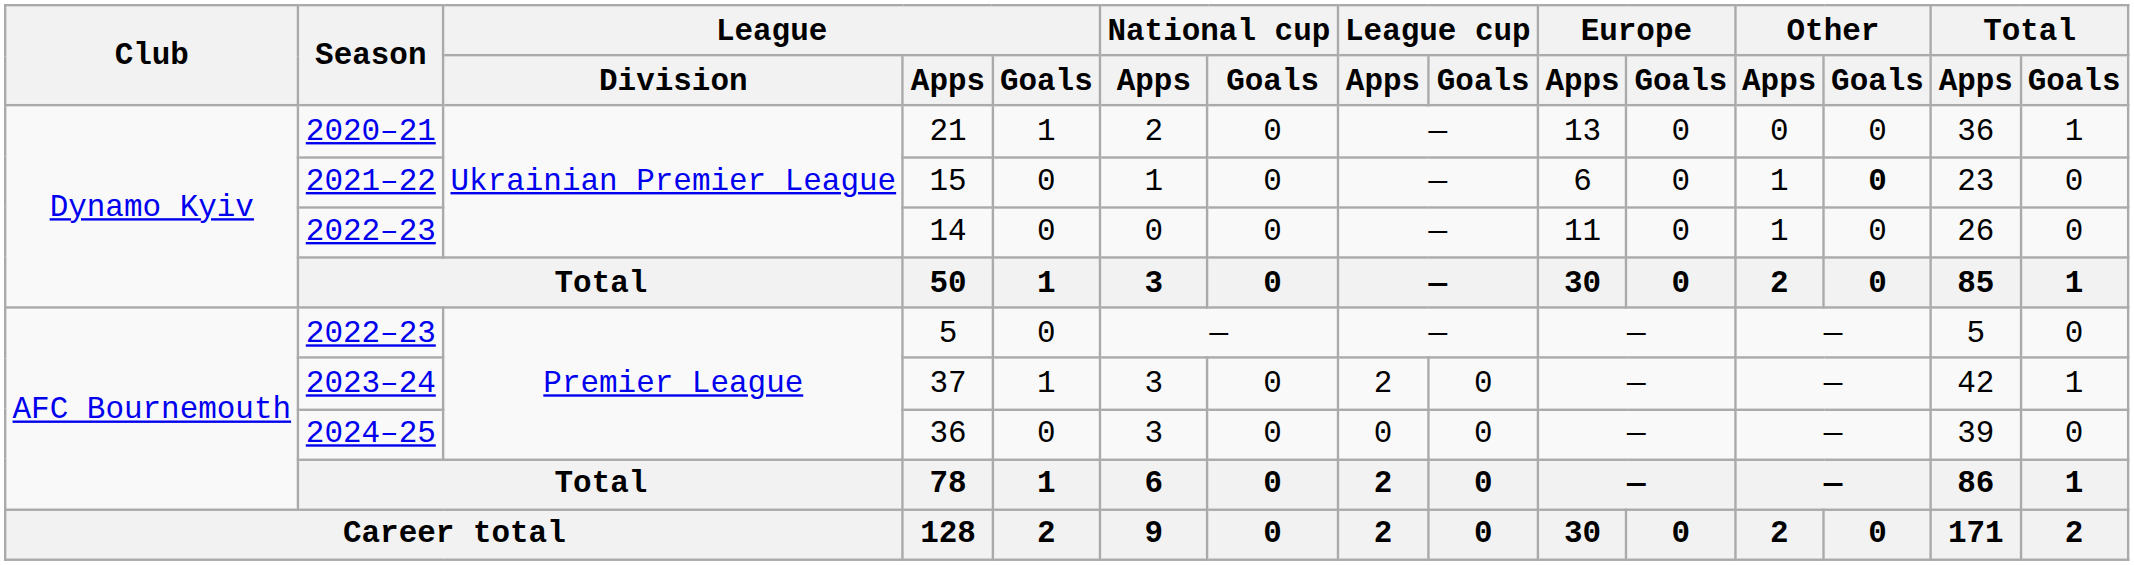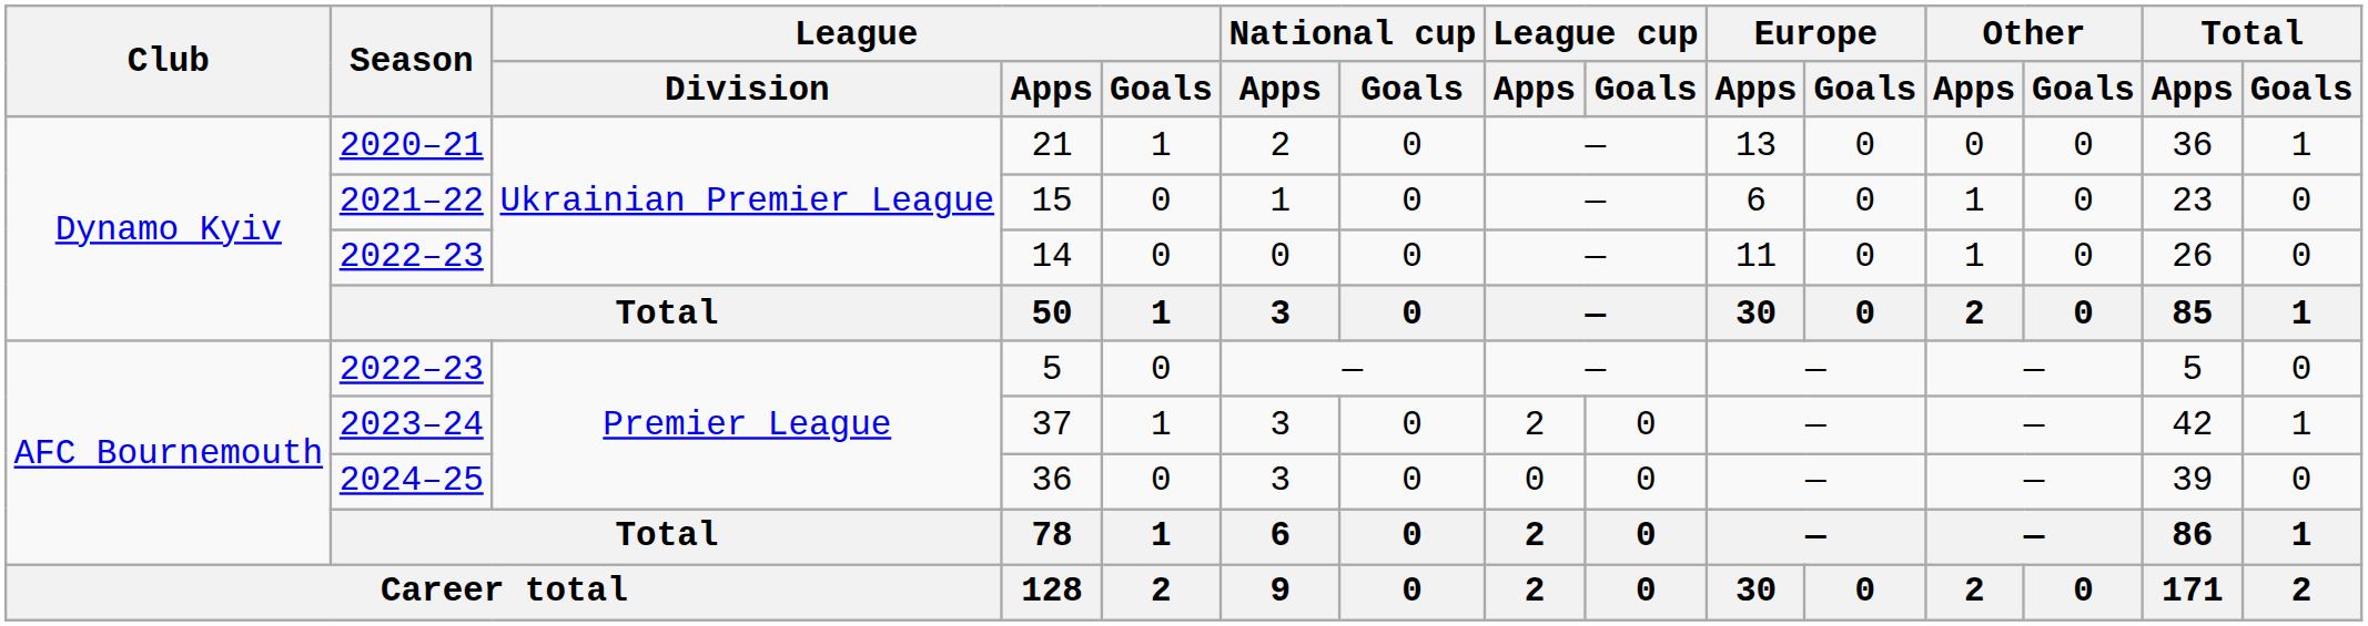 <table class="wikitable" style="text-align:center">
 <tr>
 <th rowspan="2">Club</th>
 <th rowspan="2">Season</th>
 <th colspan="3">League</th>
 <th colspan="2">National cup</th>
 <th colspan="2">League cup</th>
 <th colspan="2">Europe</th>
 <th colspan="2">Other</th>
 <th colspan="2">Total</th>
 </tr>
 <tr>
 <th>Division</th>
 <th>Apps</th>
 <th>Goals</th>
 <th>Apps</th>
 <th>Goals</th>
 <th>Apps</th>
 <th>Goals</th>
 <th>Apps</th>
 <th>Goals</th>
 <th>Apps</th>
 <th>Goals</th>
 <th>Apps</th>
 <th>Goals</th>
 </tr>
 <tr>
 <td rowspan="4"><a href='#'>Dynamo Kyiv</a></td>
 <td><a href='#'>2020–21</a></td>
 <td rowspan="3"><a href='#'>Ukrainian Premier League</a></td>
 <td>21</td>
 <td>1</td>
 <td>2</td>
 <td>0</td>
 <td colspan="2">—</td>
 <td>13</td>
 <td>0</td>
 <td>0</td>
 <td>0</td>
 <td>36</td>
 <td>1</td>
 </tr>
 <tr>
 <td><a href='#'>2021–22</a></td>
 <td>15</td>
 <td>0</td>
 <td>1</td>
 <td>0</td>
 <td colspan="2">—</td>
 <td>6</td>
 <td>0</td>
 <td>1</td>
-<td><strong>0</strong></td>
+<td>0</td>
 <td>23</td>
 <td>0</td>
 </tr>
 <tr>
 <td><a href='#'>2022–23</a></td>
 <td>14</td>
 <td>0</td>
 <td>0</td>
 <td>0</td>
 <td colspan="2">—</td>
 <td>11</td>
 <td>0</td>
 <td>1</td>
 <td>0</td>
 <td>26</td>
 <td>0</td>
 </tr>
 <tr>
 <th colspan="2">Total</th>
 <th>50</th>
 <th>1</th>
 <th>3</th>
 <th>0</th>
 <th colspan="2">—</th>
 <th>30</th>
 <th>0</th>
 <th>2</th>
 <th>0</th>
 <th>85</th>
 <th>1</th>
 </tr>
 <tr>
 <td rowspan="4"><a href='#'>AFC Bournemouth</a></td>
 <td><a href='#'>2022–23</a></td>
 <td rowspan="3"><a href='#'>Premier League</a></td>
 <td>5</td>
 <td>0</td>
 <td colspan="2">—</td>
 <td colspan="2">—</td>
 <td colspan="2">—</td>
 <td colspan="2">—</td>
 <td>5</td>
 <td>0</td>
 </tr>
 <tr>
 <td><a href='#'>2023–24</a></td>
 <td>37</td>
 <td>1</td>
 <td>3</td>
 <td>0</td>
 <td>2</td>
 <td>0</td>
 <td colspan="2">—</td>
 <td colspan="2">—</td>
 <td>42</td>
 <td>1</td>
 </tr>
 <tr>
 <td><a href='#'>2024–25</a></td>
 <td>36</td>
 <td>0</td>
 <td>3</td>
 <td>0</td>
 <td>0</td>
 <td>0</td>
 <td colspan="2">—</td>
 <td colspan="2">—</td>
 <td>39</td>
 <td>0</td>
 </tr>
 <tr>
 <th colspan="2">Total</th>
 <th>78</th>
 <th>1</th>
 <th>6</th>
 <th>0</th>
 <th>2</th>
 <th>0</th>
 <th colspan="2">—</th>
 <th colspan="2">—</th>
 <th>86</th>
 <th>1</th>
 </tr>
 <tr>
 <th colspan="3">Career total</th>
 <th>128</th>
 <th>2</th>
 <th>9</th>
 <th>0</th>
 <th>2</th>
 <th>0</th>
 <th>30</th>
 <th>0</th>
 <th>2</th>
 <th>0</th>
 <th>171</th>
 <th>2</th>
 </tr>
 </table>
